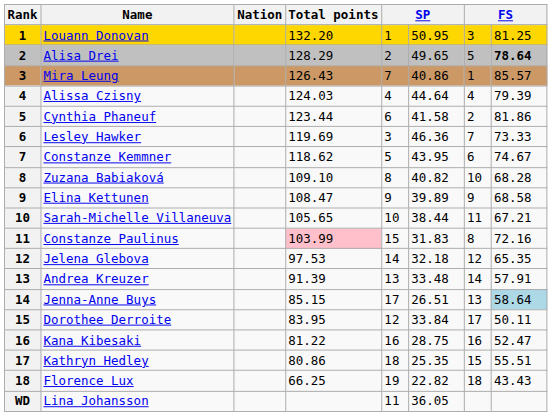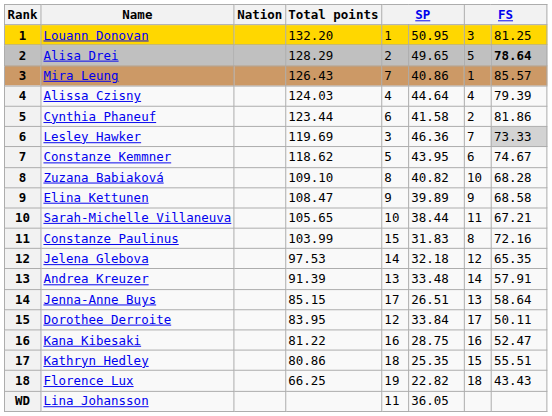 <table class="wikitable">
 <tr>
 <th>Rank</th>
 <th>Name</th>
 <th>Nation</th>
 <th>Total points</th>
 <th colspan="2" width="80px"><a href='#'>SP</a></th>
 <th colspan="2" width="80px"><a href='#'>FS</a></th>
 </tr>
 <tr bgcolor="gold">
 <td align="center"><strong>1</strong></td>
 <td><a href='#'>Louann Donovan</a></td>
 <td></td>
 <td>132.20</td>
 <td>1</td>
 <td>50.95</td>
 <td>3</td>
 <td>81.25</td>
 </tr>
 <tr bgcolor="silver">
 <td align="center"><strong>2</strong></td>
 <td><a href='#'>Alisa Drei</a></td>
 <td></td>
 <td>128.29</td>
 <td>2</td>
 <td>49.65</td>
 <td>5</td>
 <td><strong>78.64</strong></td>
 </tr>
 <tr bgcolor="cc9966">
 <td align="center"><strong>3</strong></td>
 <td><a href='#'>Mira Leung</a></td>
 <td></td>
 <td>126.43</td>
 <td>7</td>
 <td>40.86</td>
 <td>1</td>
 <td>85.57</td>
 </tr>
 <tr>
 <th>4</th>
 <td><a href='#'>Alissa Czisny</a></td>
 <td></td>
 <td>124.03</td>
 <td>4</td>
 <td>44.64</td>
 <td>4</td>
 <td>79.39</td>
 </tr>
 <tr>
 <th>5</th>
 <td><a href='#'>Cynthia Phaneuf</a></td>
 <td></td>
 <td>123.44</td>
 <td>6</td>
 <td>41.58</td>
 <td>2</td>
 <td>81.86</td>
 </tr>
 <tr>
 <th>6</th>
 <td><a href='#'>Lesley Hawker</a></td>
 <td></td>
 <td>119.69</td>
 <td>3</td>
 <td>46.36</td>
 <td>7</td>
-<td>73.33</td>
+<td style="background: lightgrey;">73.33</td>
 </tr>
 <tr>
 <th>7</th>
 <td><a href='#'>Constanze Kemmner</a></td>
 <td></td>
 <td>118.62</td>
 <td>5</td>
 <td>43.95</td>
 <td>6</td>
 <td>74.67</td>
 </tr>
 <tr>
 <th>8</th>
 <td><a href='#'>Zuzana Babiaková</a></td>
 <td></td>
 <td>109.10</td>
 <td>8</td>
 <td>40.82</td>
 <td>10</td>
 <td>68.28</td>
 </tr>
 <tr>
 <th>9</th>
 <td><a href='#'>Elina Kettunen</a></td>
 <td></td>
 <td>108.47</td>
 <td>9</td>
 <td>39.89</td>
 <td>9</td>
 <td>68.58</td>
 </tr>
 <tr>
 <th>10</th>
 <td><a href='#'>Sarah-Michelle Villaneuva</a></td>
 <td></td>
 <td>105.65</td>
 <td>10</td>
 <td>38.44</td>
 <td>11</td>
 <td>67.21</td>
 </tr>
 <tr>
 <th>11</th>
 <td><a href='#'>Constanze Paulinus</a></td>
 <td></td>
-<td style="background: pink;">103.99</td>
+<td>103.99</td>
 <td>15</td>
 <td>31.83</td>
 <td>8</td>
 <td>72.16</td>
 </tr>
 <tr>
 <th>12</th>
 <td><a href='#'>Jelena Glebova</a></td>
 <td></td>
 <td>97.53</td>
 <td>14</td>
 <td>32.18</td>
 <td>12</td>
 <td>65.35</td>
 </tr>
 <tr>
 <th>13</th>
 <td><a href='#'>Andrea Kreuzer</a></td>
 <td></td>
 <td>91.39</td>
 <td>13</td>
 <td>33.48</td>
 <td>14</td>
 <td>57.91</td>
 </tr>
 <tr>
 <th>14</th>
 <td><a href='#'>Jenna-Anne Buys</a></td>
 <td></td>
 <td>85.15</td>
 <td>17</td>
 <td>26.51</td>
 <td>13</td>
-<td style="background: lightblue;">58.64</td>
+<td>58.64</td>
 </tr>
 <tr>
 <th>15</th>
 <td><a href='#'>Dorothee Derroite</a></td>
 <td></td>
 <td>83.95</td>
 <td>12</td>
 <td>33.84</td>
 <td>17</td>
 <td>50.11</td>
 </tr>
 <tr>
 <th>16</th>
 <td><a href='#'>Kana Kibesaki</a></td>
 <td></td>
 <td>81.22</td>
 <td>16</td>
 <td>28.75</td>
 <td>16</td>
 <td>52.47</td>
 </tr>
 <tr>
 <th>17</th>
 <td><a href='#'>Kathryn Hedley</a></td>
 <td></td>
 <td>80.86</td>
 <td>18</td>
 <td>25.35</td>
 <td>15</td>
 <td>55.51</td>
 </tr>
 <tr>
 <th>18</th>
 <td><a href='#'>Florence Lux</a></td>
 <td></td>
 <td>66.25</td>
 <td>19</td>
 <td>22.82</td>
 <td>18</td>
 <td>43.43</td>
 </tr>
 <tr>
 <th>WD</th>
 <td><a href='#'>Lina Johansson</a></td>
 <td></td>
 <td></td>
 <td>11</td>
 <td>36.05</td>
 <td></td>
 <td></td>
 </tr>
 </table>
